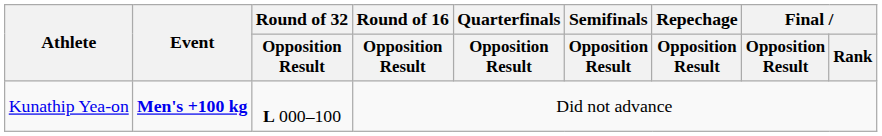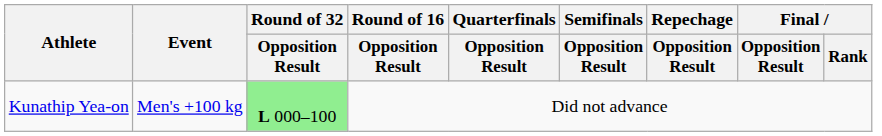 <table class="wikitable" style="font-size:90%">
 <tr>
 <th rowspan="2">Athlete</th>
 <th rowspan="2">Event</th>
 <th>Round of 32</th>
 <th>Round of 16</th>
 <th>Quarterfinals</th>
 <th>Semifinals</th>
 <th>Repechage</th>
 <th colspan=2>Final / </th>
 </tr>
 <tr style="font-size:95%">
 <th>Opposition<br>Result</th>
 <th>Opposition<br>Result</th>
 <th>Opposition<br>Result</th>
 <th>Opposition<br>Result</th>
 <th>Opposition<br>Result</th>
 <th>Opposition<br>Result</th>
 <th>Rank</th>
 </tr>
 <tr align=center>
 <td align=left><a href='#'>Kunathip Yea-on</a></td>
-<td align=left><strong><a href='#'>Men's +100 kg</a></strong></td>
-<td><br><strong>L</strong> 000–100</td>
+<td align=left><a href='#'>Men's +100 kg</a></td>
+<td style="background: lightgreen;"><br><strong>L</strong> 000–100</td>
 <td colspan=6>Did not advance</td>
 </tr>
 </table>
